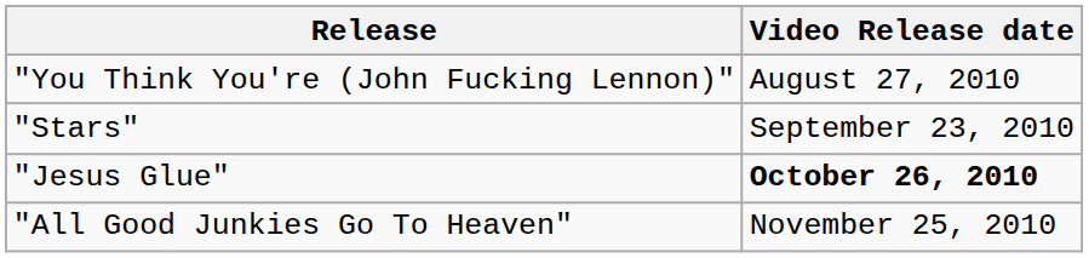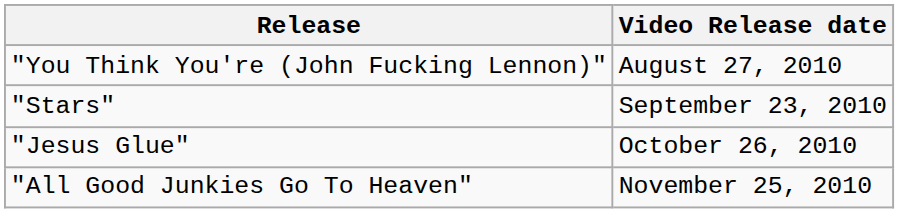 <table class="wikitable">
 <tr>
 <th>Release</th>
 <th>Video Release date</th>
 </tr>
 <tr>
 <td>"You Think You're (John Fucking Lennon)"</td>
 <td>August 27, 2010</td>
 </tr>
 <tr>
 <td>"Stars"</td>
 <td>September 23, 2010</td>
 </tr>
 <tr>
 <td>"Jesus Glue"</td>
-<td><strong>October 26, 2010</strong></td>
+<td>October 26, 2010</td>
 </tr>
 <tr>
 <td>"All Good Junkies Go To Heaven"</td>
 <td>November 25, 2010</td>
 </tr>
 </table>
